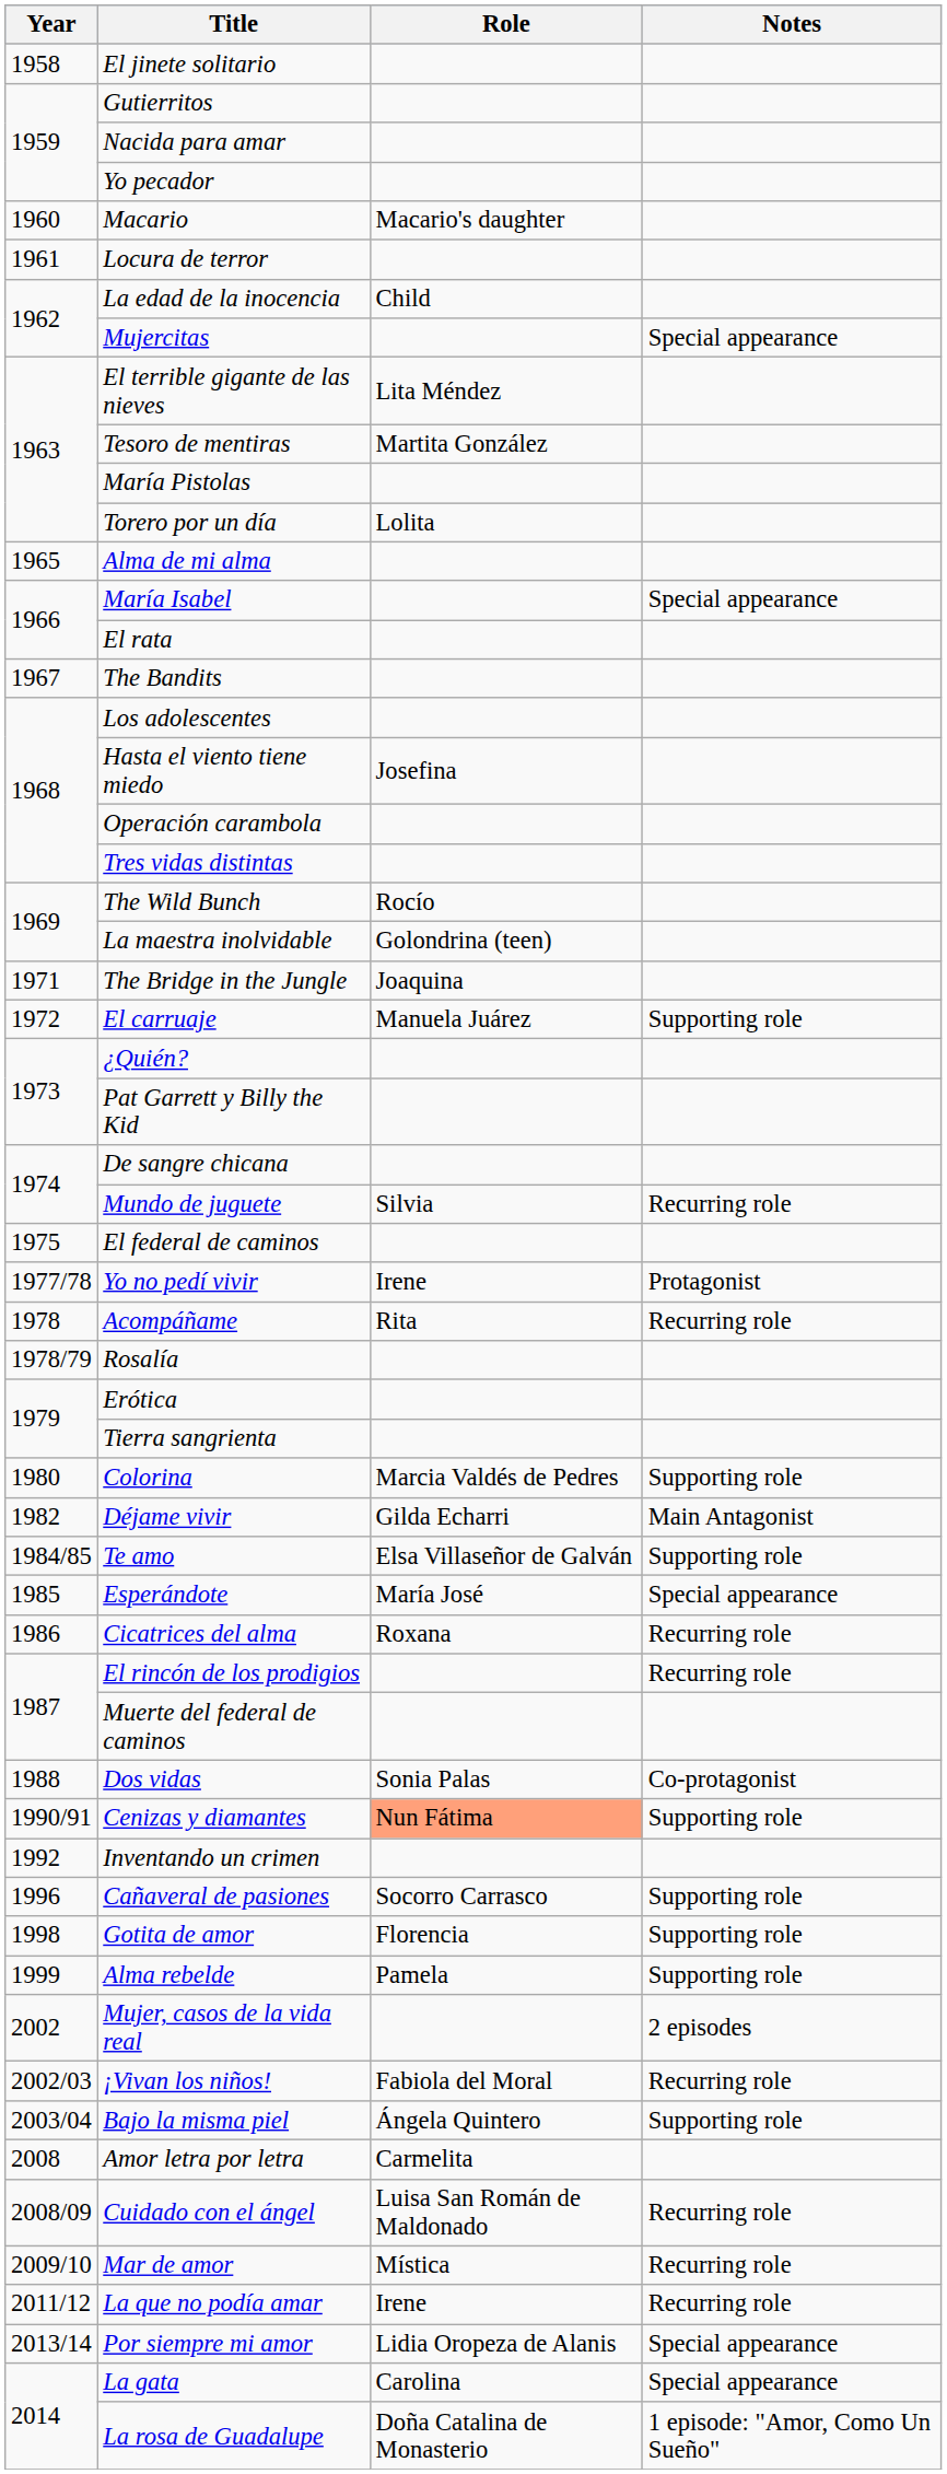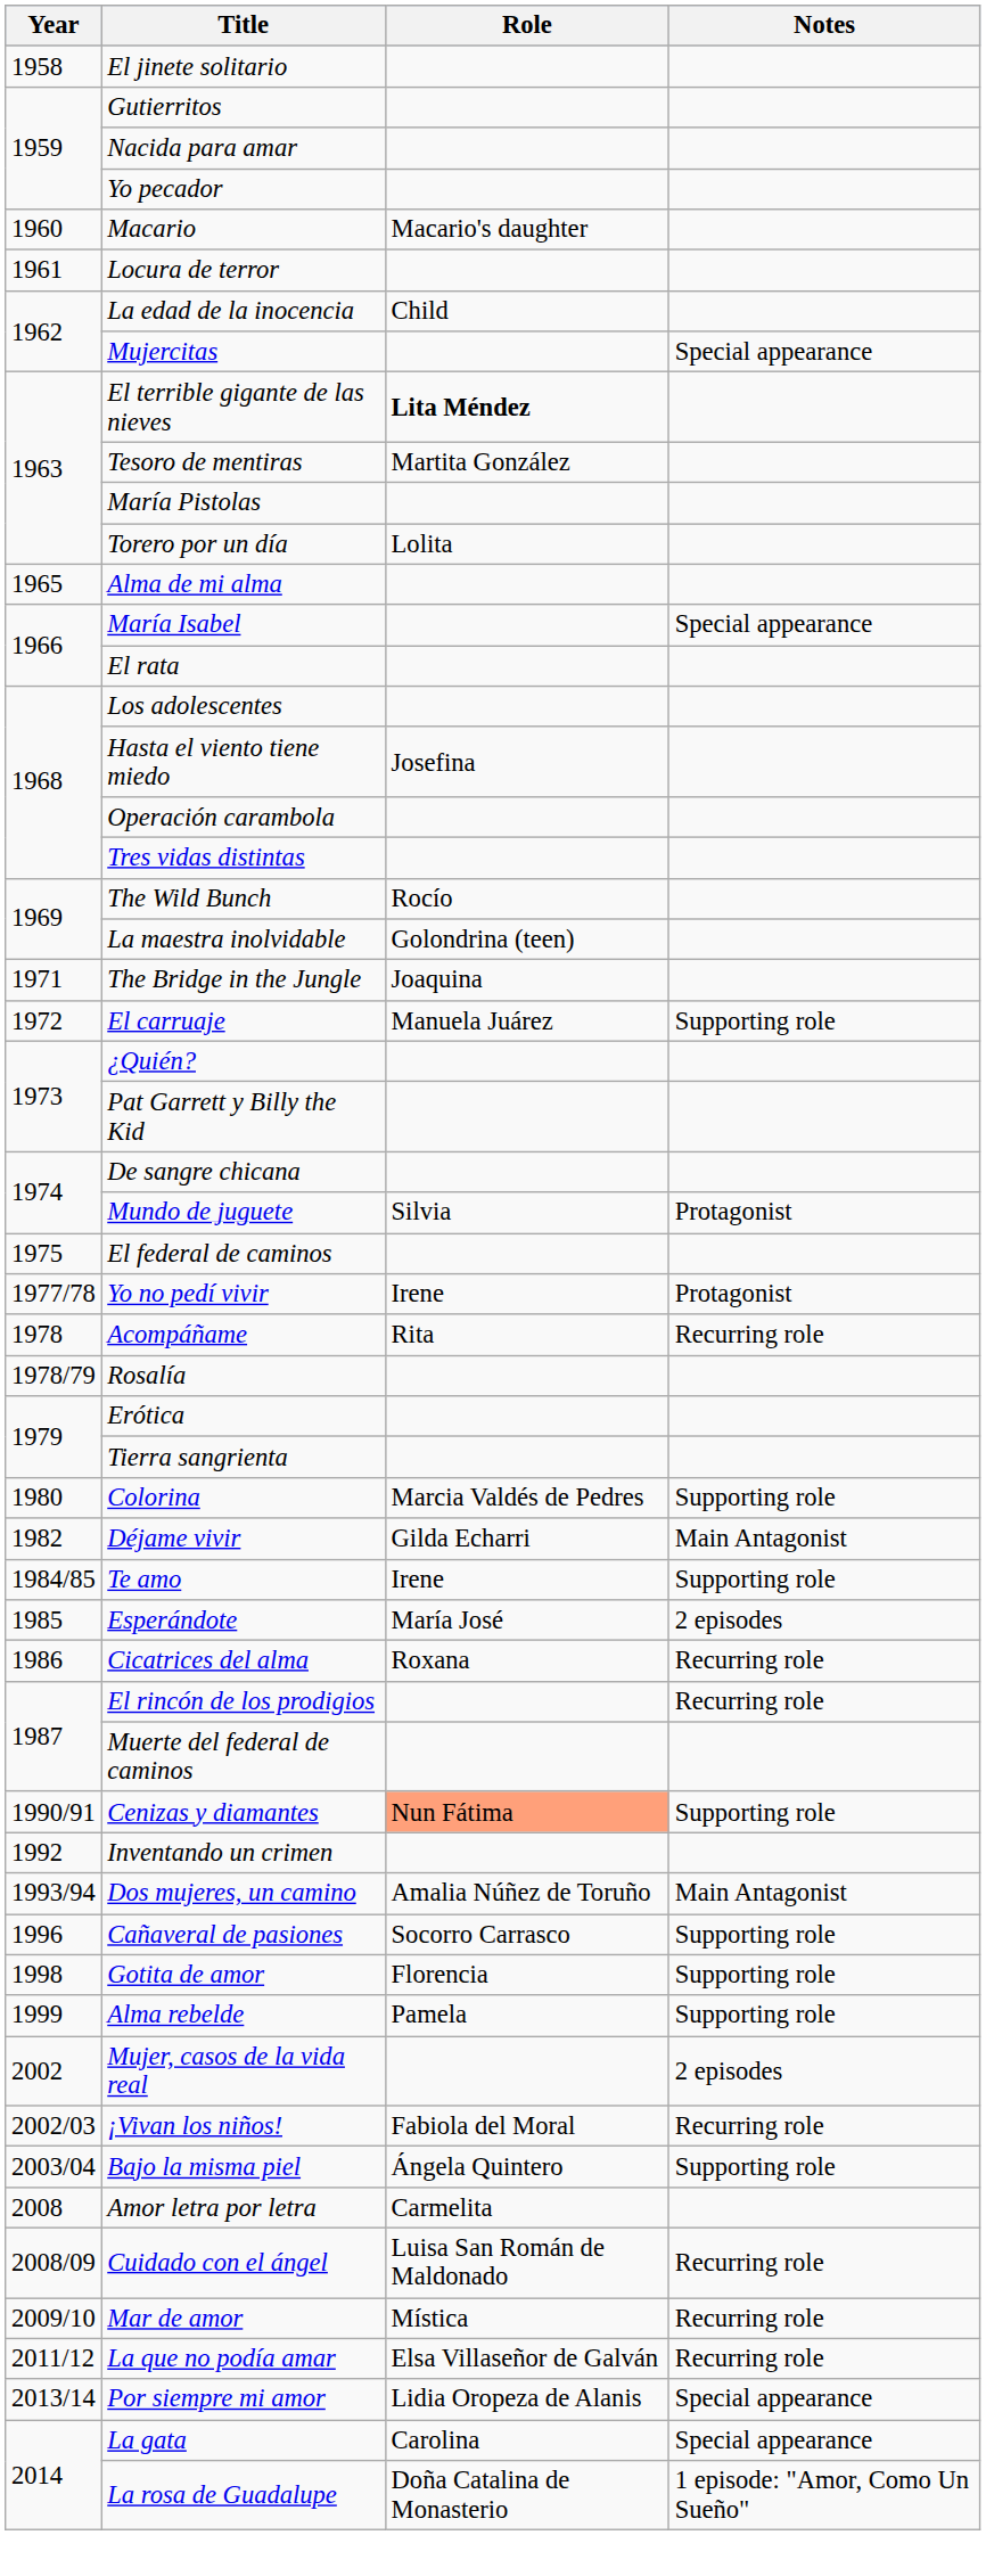 <table class="wikitable">
 <tr style="background:#b0c4de;">
 <th>Year</th>
 <th>Title</th>
 <th>Role</th>
 <th>Notes</th>
 </tr>
 <tr>
 <td>1958</td>
 <td><em>El jinete solitario</em></td>
 <td></td>
 <td></td>
 </tr>
 <tr>
 <td rowspan=3>1959</td>
 <td><em>Gutierritos</em></td>
 <td></td>
 <td></td>
 </tr>
 <tr>
 <td><em>Nacida para amar</em></td>
 <td></td>
 <td></td>
 </tr>
 <tr>
 <td><em>Yo pecador</em></td>
 <td></td>
 <td></td>
 </tr>
 <tr>
 <td>1960</td>
 <td><em>Macario</em></td>
 <td>Macario's daughter</td>
 <td></td>
 </tr>
 <tr>
 <td>1961</td>
 <td><em>Locura de terror</em></td>
 <td></td>
 <td></td>
 </tr>
 <tr>
 <td rowspan=2>1962</td>
 <td><em>La edad de la inocencia</em></td>
 <td>Child</td>
 <td></td>
 </tr>
 <tr>
 <td><em><a href='#'>Mujercitas</a></em></td>
 <td></td>
 <td>Special appearance</td>
 </tr>
 <tr>
 <td rowspan=4>1963</td>
 <td><em>El terrible gigante de las nieves</em></td>
-<td>Lita Méndez</td>
+<td><strong>Lita Méndez</strong></td>
 <td></td>
 </tr>
 <tr>
 <td><em>Tesoro de mentiras</em></td>
 <td>Martita González</td>
 <td></td>
 </tr>
 <tr>
 <td><em>María Pistolas</em></td>
 <td></td>
 <td></td>
 </tr>
 <tr>
 <td><em>Torero por un día</em></td>
 <td>Lolita</td>
 <td></td>
 </tr>
 <tr>
 <td>1965</td>
 <td><em><a href='#'>Alma de mi alma</a></em></td>
 <td></td>
 <td></td>
 </tr>
 <tr>
 <td rowspan=2>1966</td>
 <td><em><a href='#'>María Isabel</a></em></td>
 <td></td>
 <td>Special appearance</td>
 </tr>
 <tr>
 <td><em>El rata</em></td>
-<td></td>
-<td></td>
-</tr>
-<tr>
-<td>1967</td>
-<td><em>The Bandits</em></td>
 <td></td>
 <td></td>
 </tr>
 <tr>
 <td rowspan=4>1968</td>
 <td><em>Los adolescentes</em></td>
 <td></td>
 <td></td>
 </tr>
 <tr>
 <td><em>Hasta el viento tiene miedo</em></td>
 <td>Josefina</td>
 <td></td>
 </tr>
 <tr>
 <td><em>Operación carambola</em></td>
 <td></td>
 <td></td>
 </tr>
 <tr>
 <td><em><a href='#'>Tres vidas distintas</a></em></td>
 <td></td>
 <td></td>
 </tr>
 <tr>
 <td rowspan=2>1969</td>
 <td><em>The Wild Bunch</em></td>
 <td>Rocío</td>
 <td></td>
 </tr>
 <tr>
 <td><em>La maestra inolvidable</em></td>
 <td>Golondrina (teen)</td>
 <td></td>
 </tr>
 <tr>
 <td>1971</td>
 <td><em>The Bridge in the Jungle</em></td>
 <td>Joaquina</td>
 <td></td>
 </tr>
 <tr>
 <td>1972</td>
 <td><em><a href='#'>El carruaje</a></em></td>
 <td>Manuela Juárez</td>
 <td>Supporting role</td>
 </tr>
 <tr>
 <td rowspan=2>1973</td>
 <td><em><a href='#'>¿Quién?</a></em></td>
 <td></td>
 <td></td>
 </tr>
 <tr>
 <td><em>Pat Garrett y Billy the Kid</em></td>
 <td></td>
 <td></td>
 </tr>
 <tr>
 <td rowspan=2>1974</td>
 <td><em>De sangre chicana</em></td>
 <td></td>
 <td></td>
 </tr>
 <tr>
 <td><em><a href='#'>Mundo de juguete</a></em></td>
 <td>Silvia</td>
-<td>Recurring role</td>
+<td>Protagonist</td>
 </tr>
 <tr>
 <td>1975</td>
 <td><em>El federal de caminos</em></td>
 <td></td>
 <td></td>
 </tr>
 <tr>
 <td>1977/78</td>
 <td><em><a href='#'>Yo no pedí vivir</a></em></td>
 <td>Irene</td>
 <td>Protagonist</td>
 </tr>
 <tr>
 <td>1978</td>
 <td><em><a href='#'>Acompáñame</a></em></td>
 <td>Rita</td>
 <td>Recurring role</td>
 </tr>
 <tr>
 <td>1978/79</td>
 <td><em>Rosalía</em></td>
 <td></td>
 <td></td>
 </tr>
 <tr>
 <td rowspan=2>1979</td>
 <td><em>Erótica</em></td>
 <td></td>
 <td></td>
 </tr>
 <tr>
 <td><em>Tierra sangrienta</em></td>
 <td></td>
 <td></td>
 </tr>
 <tr>
 <td>1980</td>
 <td><em><a href='#'>Colorina</a></em></td>
 <td>Marcia Valdés  de Pedres</td>
 <td>Supporting role</td>
 </tr>
 <tr>
 <td>1982</td>
 <td><em><a href='#'>Déjame vivir</a></em></td>
 <td>Gilda Echarri</td>
 <td>Main Antagonist</td>
 </tr>
 <tr>
 <td>1984/85</td>
 <td><em><a href='#'>Te amo</a></em></td>
-<td>Elsa Villaseñor de Galván</td>
+<td>Irene</td>
 <td>Supporting role</td>
 </tr>
 <tr>
 <td>1985</td>
 <td><em><a href='#'>Esperándote</a></em></td>
 <td>María José</td>
-<td>Special appearance</td>
+<td>2 episodes</td>
 </tr>
 <tr>
 <td>1986</td>
 <td><em><a href='#'>Cicatrices del alma</a></em></td>
 <td>Roxana</td>
 <td>Recurring role</td>
 </tr>
 <tr>
 <td rowspan=2>1987</td>
 <td><em><a href='#'>El rincón de los prodigios</a></em></td>
 <td></td>
 <td>Recurring role</td>
 </tr>
 <tr>
 <td><em>Muerte del federal de caminos</em></td>
 <td></td>
 <td></td>
 </tr>
 <tr>
-<td>1988</td>
-<td><em><a href='#'>Dos vidas</a></em></td>
-<td>Sonia Palas</td>
-<td>Co-protagonist</td>
-</tr>
-<tr>
 <td>1990/91</td>
 <td><em><a href='#'>Cenizas y diamantes</a></em></td>
 <td style="background: lightsalmon;">Nun Fátima</td>
 <td>Supporting role</td>
 </tr>
 <tr>
 <td>1992</td>
 <td><em>Inventando un crimen</em></td>
 <td></td>
 <td></td>
+</tr>
+<tr>
+<td>1993/94</td>
+<td><em><a href='#'>Dos mujeres, un camino</a></em></td>
+<td>Amalia Núñez de Toruño</td>
+<td>Main Antagonist</td>
 </tr>
 <tr>
 <td>1996</td>
 <td><em><a href='#'>Cañaveral de pasiones</a></em></td>
 <td>Socorro Carrasco</td>
 <td>Supporting role</td>
 </tr>
 <tr>
 <td>1998</td>
 <td><em><a href='#'>Gotita de amor</a></em></td>
 <td>Florencia</td>
 <td>Supporting role</td>
 </tr>
 <tr>
 <td>1999</td>
 <td><em><a href='#'>Alma rebelde</a></em></td>
 <td>Pamela</td>
 <td>Supporting role</td>
 </tr>
 <tr>
 <td>2002</td>
 <td><em><a href='#'>Mujer, casos de la vida real</a></em></td>
 <td></td>
 <td>2 episodes</td>
 </tr>
 <tr>
 <td>2002/03</td>
 <td><em><a href='#'>¡Vivan los niños!</a></em></td>
 <td>Fabiola del Moral</td>
 <td>Recurring role</td>
 </tr>
 <tr>
 <td>2003/04</td>
 <td><em><a href='#'>Bajo la misma piel</a></em></td>
 <td>Ángela Quintero</td>
 <td>Supporting role</td>
 </tr>
 <tr>
 <td>2008</td>
 <td><em>Amor letra por letra</em></td>
 <td>Carmelita</td>
 <td></td>
 </tr>
 <tr>
 <td>2008/09</td>
 <td><em><a href='#'>Cuidado con el ángel</a></em></td>
 <td>Luisa San Román de Maldonado</td>
 <td>Recurring role</td>
 </tr>
 <tr>
 <td>2009/10</td>
 <td><em><a href='#'>Mar de amor</a></em></td>
 <td>Mística</td>
 <td>Recurring role</td>
 </tr>
 <tr>
 <td>2011/12</td>
 <td><em><a href='#'>La que no podía amar</a></em></td>
-<td>Irene</td>
+<td>Elsa Villaseñor de Galván</td>
 <td>Recurring role</td>
 </tr>
 <tr>
 <td>2013/14</td>
 <td><em><a href='#'>Por siempre mi amor</a></em></td>
 <td>Lidia Oropeza de Alanis</td>
 <td>Special appearance</td>
 </tr>
 <tr>
 <td rowspan=2>2014</td>
 <td><em><a href='#'>La gata</a></em></td>
 <td>Carolina</td>
 <td>Special appearance</td>
 </tr>
 <tr>
 <td><em><a href='#'>La rosa de Guadalupe</a></em></td>
 <td>Doña Catalina de Monasterio</td>
 <td>1 episode: "Amor, Como Un Sueño"</td>
 </tr>
 </table>
